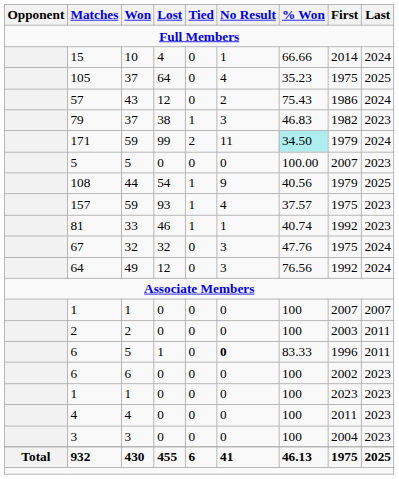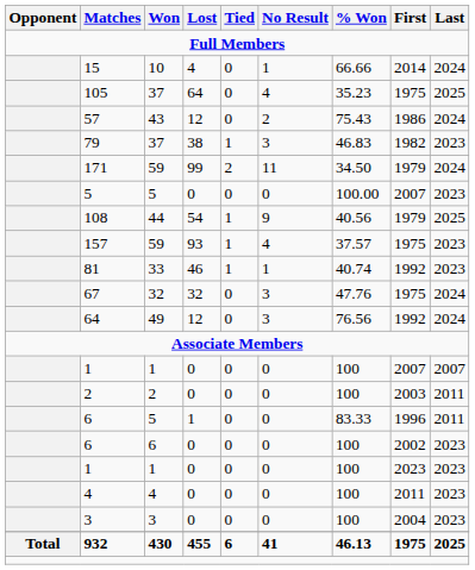 <table class="wikitable plainrowheaders sortable">
 <tr>
 <th scope="col">Opponent</th>
 <th scope="col"><a href='#'>Matches</a></th>
 <th scope="col"><a href='#'>Won</a></th>
 <th scope="col"><a href='#'>Lost</a></th>
 <th scope="col"><a href='#'>Tied</a></th>
 <th scope="col"><a href='#'>No Result</a></th>
 <th scope="col"><a href='#'>% Won</a></th>
 <th scope="col">First</th>
 <th scope="col">Last</th>
 </tr>
 <tr>
 <td style="text-align: center;" colspan="9"><strong><a href='#'>Full Members</a></strong></td>
 </tr>
 <tr>
 <th scope=row></th>
 <td>15</td>
 <td>10</td>
 <td>4</td>
 <td>0</td>
 <td>1</td>
 <td>66.66</td>
 <td>2014</td>
 <td>2024</td>
 </tr>
 <tr>
 <th scope=row></th>
 <td>105</td>
 <td>37</td>
 <td>64</td>
 <td>0</td>
 <td>4</td>
 <td>35.23</td>
 <td>1975</td>
 <td>2025</td>
 </tr>
 <tr>
 <th scope=row></th>
 <td>57</td>
 <td>43</td>
 <td>12</td>
 <td>0</td>
 <td>2</td>
 <td>75.43</td>
 <td>1986</td>
 <td>2024</td>
 </tr>
 <tr>
 <th scope=row></th>
 <td>79</td>
 <td>37</td>
 <td>38</td>
 <td>1</td>
 <td>3</td>
 <td>46.83</td>
 <td>1982</td>
 <td>2023</td>
 </tr>
 <tr>
 <th scope=row></th>
 <td>171</td>
 <td>59</td>
 <td>99</td>
 <td>2</td>
 <td>11</td>
-<td style="background: paleturquoise;">34.50</td>
+<td>34.50</td>
 <td>1979</td>
 <td>2024</td>
 </tr>
 <tr>
 <th scope=row></th>
 <td>5</td>
 <td>5</td>
 <td>0</td>
 <td>0</td>
 <td>0</td>
 <td>100.00</td>
 <td>2007</td>
 <td>2023</td>
 </tr>
 <tr>
 <th scope=row></th>
 <td>108</td>
 <td>44</td>
 <td>54</td>
 <td>1</td>
 <td>9</td>
 <td>40.56</td>
 <td>1979</td>
 <td>2025</td>
 </tr>
 <tr>
 <th scope=row></th>
 <td>157</td>
 <td>59</td>
 <td>93</td>
 <td>1</td>
 <td>4</td>
 <td>37.57</td>
 <td>1975</td>
 <td>2023</td>
 </tr>
 <tr>
 <th scope=row></th>
 <td>81</td>
 <td>33</td>
 <td>46</td>
 <td>1</td>
 <td>1</td>
 <td>40.74</td>
 <td>1992</td>
 <td>2023</td>
 </tr>
 <tr>
 <th scope=row></th>
 <td>67</td>
 <td>32</td>
 <td>32</td>
 <td>0</td>
 <td>3</td>
 <td>47.76</td>
 <td>1975</td>
 <td>2024</td>
 </tr>
 <tr>
 <th scope=row></th>
 <td>64</td>
 <td>49</td>
 <td>12</td>
 <td>0</td>
 <td>3</td>
 <td>76.56</td>
 <td>1992</td>
 <td>2024</td>
 </tr>
 <tr>
 <td colspan="10" style="text-align: center;"><strong><a href='#'>Associate Members</a></strong></td>
 </tr>
 <tr>
 <th scope=row></th>
 <td>1</td>
 <td>1</td>
 <td>0</td>
 <td>0</td>
 <td>0</td>
 <td>100</td>
 <td>2007</td>
 <td>2007</td>
 </tr>
 <tr>
 <th scope=row></th>
 <td>2</td>
 <td>2</td>
 <td>0</td>
 <td>0</td>
 <td>0</td>
 <td>100</td>
 <td>2003</td>
 <td>2011</td>
 </tr>
 <tr>
 <th scope=row></th>
 <td>6</td>
 <td>5</td>
 <td>1</td>
 <td>0</td>
-<td><strong>0</strong></td>
+<td>0</td>
 <td>83.33</td>
 <td>1996</td>
 <td>2011</td>
 </tr>
 <tr>
 <th scope=row></th>
 <td>6</td>
 <td>6</td>
 <td>0</td>
 <td>0</td>
 <td>0</td>
 <td>100</td>
 <td>2002</td>
 <td>2023</td>
 </tr>
 <tr>
 <th scope=row></th>
 <td>1</td>
 <td>1</td>
 <td>0</td>
 <td>0</td>
 <td>0</td>
 <td>100</td>
 <td>2023</td>
 <td>2023</td>
 </tr>
 <tr>
 <th scope=row></th>
 <td>4</td>
 <td>4</td>
 <td>0</td>
 <td>0</td>
 <td>0</td>
 <td>100</td>
 <td>2011</td>
 <td>2023</td>
 </tr>
 <tr>
 <th scope=row></th>
 <td>3</td>
 <td>3</td>
 <td>0</td>
 <td>0</td>
 <td>0</td>
 <td>100</td>
 <td>2004</td>
 <td>2023</td>
 </tr>
 <tr>
 </tr>
 <tr class="sortbottom">
 <th scope="row" style="text-align:center">Total</th>
 <td><strong>932</strong></td>
 <td><strong>430</strong></td>
 <td><strong>455</strong></td>
 <td><strong>6</strong></td>
 <td><strong>41</strong></td>
 <td><strong>46.13</strong></td>
 <td><strong>1975</strong></td>
 <td><strong>2025</strong></td>
 </tr>
 <tr>
 <td colspan=10></td>
 </tr>
 </table>
